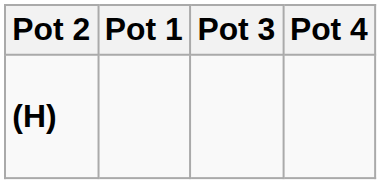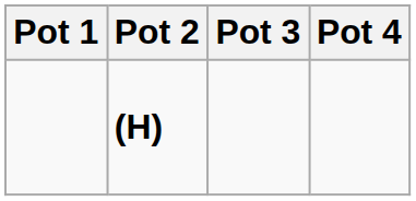 <table class="wikitable">
 <tr>
+<th width=25%>Pot 1</th>
 <th width=25%>Pot 2</th>
-<th width=25%>Pot 1</th>
 <th width=25%>Pot 3</th>
 <th width=25%>Pot 4</th>
 </tr>
 <tr>
+<td valign=top><br><br><br></td>
 <td valign=top><br> <strong>(H)</strong><br><br></td>
-<td valign=top><br><br><br></td>
 <td valign=top><br><br><br></td>
 <td valign=top><br><br><br></td>
 </tr>
 </table>
